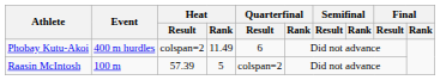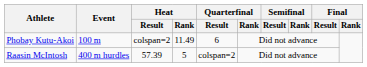 <table class="wikitable" style="font-size:90%">
 <tr>
 <th rowspan="2">Athlete</th>
 <th rowspan="2">Event</th>
 <th colspan="2">Heat</th>
 <th colspan="2">Quarterfinal</th>
 <th colspan="2">Semifinal</th>
 <th colspan="2">Final</th>
 </tr>
 <tr style="font-size:95%">
 <th>Result</th>
 <th>Rank</th>
 <th>Result</th>
 <th>Rank</th>
 <th>Result</th>
 <th>Rank</th>
 <th>Result</th>
 <th>Rank</th>
 </tr>
 <tr align=center>
 <td align=left><a href='#'>Phobay Kutu-Akoi</a></td>
-<td align=left><a href='#'>400 m hurdles</a></td>
+<td align=left><a href='#'>100 m</a></td>
 <td>colspan=2 </td>
 <td>11.49</td>
 <td>6</td>
 <td colspan=4>Did not advance</td>
 </tr>
 <tr align=center>
 <td align=left><a href='#'>Raasin McIntosh</a></td>
-<td align=left><a href='#'>100 m</a></td>
+<td align=left><a href='#'>400 m hurdles</a></td>
 <td>57.39</td>
 <td>5</td>
 <td>colspan=2 </td>
 <td colspan=4>Did not advance</td>
 </tr>
 </table>
